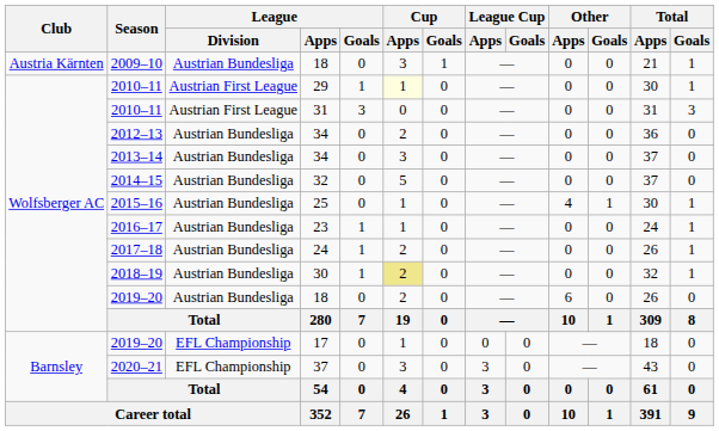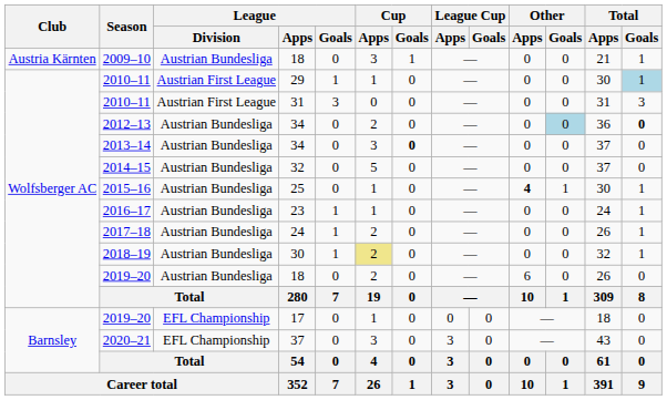 <table class="wikitable" style="text-align: center;">
 <tr>
 <th rowspan="2">Club</th>
 <th rowspan="2">Season</th>
 <th colspan="3">League</th>
 <th colspan="2">Cup</th>
 <th colspan="2">League Cup</th>
 <th colspan="2">Other</th>
 <th colspan="2">Total</th>
 </tr>
 <tr>
 <th>Division</th>
 <th>Apps</th>
 <th>Goals</th>
 <th>Apps</th>
 <th>Goals</th>
 <th>Apps</th>
 <th>Goals</th>
 <th>Apps</th>
 <th>Goals</th>
 <th>Apps</th>
 <th>Goals</th>
 </tr>
 <tr>
 <td><a href='#'>Austria Kärnten</a></td>
 <td><a href='#'>2009–10</a></td>
 <td><a href='#'>Austrian Bundesliga</a></td>
 <td>18</td>
 <td>0</td>
 <td>3</td>
 <td>1</td>
 <td colspan="2">—</td>
 <td>0</td>
 <td>0</td>
 <td>21</td>
 <td>1</td>
 </tr>
 <tr>
 <td rowspan="11"><a href='#'>Wolfsberger AC</a></td>
 <td><a href='#'>2010–11</a></td>
 <td><a href='#'>Austrian First League</a></td>
 <td>29</td>
 <td>1</td>
-<td style="background: lightyellow;">1</td>
+<td>1</td>
 <td>0</td>
 <td colspan="2">—</td>
 <td>0</td>
 <td>0</td>
 <td>30</td>
-<td>1</td>
+<td style="background: lightblue;">1</td>
 </tr>
 <tr>
 <td><a href='#'>2010–11</a></td>
 <td>Austrian First League</td>
 <td>31</td>
 <td>3</td>
 <td>0</td>
 <td>0</td>
 <td colspan="2">—</td>
 <td>0</td>
 <td>0</td>
 <td>31</td>
 <td>3</td>
 </tr>
 <tr>
 <td><a href='#'>2012–13</a></td>
 <td>Austrian Bundesliga</td>
 <td>34</td>
 <td>0</td>
 <td>2</td>
 <td>0</td>
 <td colspan="2">—</td>
 <td>0</td>
-<td>0</td>
+<td style="background: lightblue;">0</td>
 <td>36</td>
-<td>0</td>
+<td><strong>0</strong></td>
 </tr>
 <tr>
 <td><a href='#'>2013–14</a></td>
 <td>Austrian Bundesliga</td>
 <td>34</td>
 <td>0</td>
 <td>3</td>
-<td>0</td>
+<td><strong>0</strong></td>
 <td colspan="2">—</td>
 <td>0</td>
 <td>0</td>
 <td>37</td>
 <td>0</td>
 </tr>
 <tr>
 <td><a href='#'>2014–15</a></td>
 <td>Austrian Bundesliga</td>
 <td>32</td>
 <td>0</td>
 <td>5</td>
 <td>0</td>
 <td colspan="2">—</td>
 <td>0</td>
 <td>0</td>
 <td>37</td>
 <td>0</td>
 </tr>
 <tr>
 <td><a href='#'>2015–16</a></td>
 <td>Austrian Bundesliga</td>
 <td>25</td>
 <td>0</td>
 <td>1</td>
 <td>0</td>
 <td colspan="2">—</td>
-<td>4</td>
+<td><strong>4</strong></td>
 <td>1</td>
 <td>30</td>
 <td>1</td>
 </tr>
 <tr>
 <td><a href='#'>2016–17</a></td>
 <td>Austrian Bundesliga</td>
 <td>23</td>
 <td>1</td>
 <td>1</td>
 <td>0</td>
 <td colspan="2">—</td>
 <td>0</td>
 <td>0</td>
 <td>24</td>
 <td>1</td>
 </tr>
 <tr>
 <td><a href='#'>2017–18</a></td>
 <td>Austrian Bundesliga</td>
 <td>24</td>
 <td>1</td>
 <td>2</td>
 <td>0</td>
 <td colspan="2">—</td>
 <td>0</td>
 <td>0</td>
 <td>26</td>
 <td>1</td>
 </tr>
 <tr>
 <td><a href='#'>2018–19</a></td>
 <td>Austrian Bundesliga</td>
 <td>30</td>
 <td>1</td>
 <td style="background: khaki;">2</td>
 <td>0</td>
 <td colspan="2">—</td>
 <td>0</td>
 <td>0</td>
 <td>32</td>
 <td>1</td>
 </tr>
 <tr>
 <td><a href='#'>2019–20</a></td>
 <td>Austrian Bundesliga</td>
 <td>18</td>
 <td>0</td>
 <td>2</td>
 <td>0</td>
 <td colspan="2">—</td>
 <td>6</td>
 <td>0</td>
 <td>26</td>
 <td>0</td>
 </tr>
 <tr>
 <th colspan="2">Total</th>
 <th>280</th>
 <th>7</th>
 <th>19</th>
 <th>0</th>
 <th colspan="2">—</th>
 <th>10</th>
 <th>1</th>
 <th>309</th>
 <th>8</th>
 </tr>
 <tr>
 <td rowspan="3"><a href='#'>Barnsley</a></td>
 <td><a href='#'>2019–20</a></td>
 <td><a href='#'>EFL Championship</a></td>
 <td>17</td>
 <td>0</td>
 <td>1</td>
 <td>0</td>
 <td>0</td>
 <td>0</td>
 <td colspan="2">—</td>
 <td>18</td>
 <td>0</td>
 </tr>
 <tr>
 <td><a href='#'>2020–21</a></td>
 <td>EFL Championship</td>
 <td>37</td>
 <td>0</td>
 <td>3</td>
 <td>0</td>
 <td>3</td>
 <td>0</td>
 <td colspan="2">—</td>
 <td>43</td>
 <td>0</td>
 </tr>
 <tr>
 <th colspan="2">Total</th>
 <th>54</th>
 <th>0</th>
 <th>4</th>
 <th>0</th>
 <th>3</th>
 <th>0</th>
 <th>0</th>
 <th>0</th>
 <th>61</th>
 <th>0</th>
 </tr>
 <tr>
 <th colspan="3">Career total</th>
 <th>352</th>
 <th>7</th>
 <th>26</th>
 <th>1</th>
 <th>3</th>
 <th>0</th>
 <th>10</th>
 <th>1</th>
 <th>391</th>
 <th>9</th>
 </tr>
 </table>
